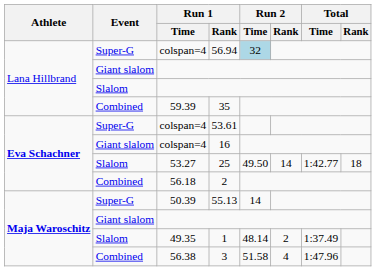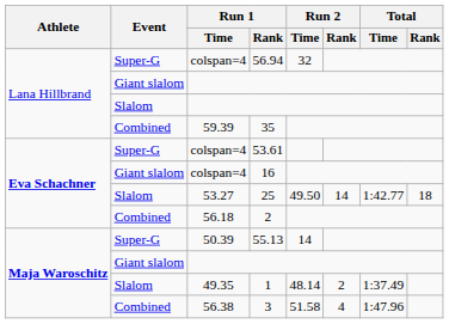 <table class="wikitable" style="font-size:90%">
 <tr>
 <th rowspan=2>Athlete</th>
 <th rowspan=2>Event</th>
 <th colspan=2>Run 1</th>
 <th colspan=2>Run 2</th>
 <th colspan=2>Total</th>
 </tr>
 <tr style="font-size:95%">
 <th>Time</th>
 <th>Rank</th>
 <th>Time</th>
 <th>Rank</th>
 <th>Time</th>
 <th>Rank</th>
 </tr>
 <tr align=center>
 <td align="left" rowspan="4"><a href='#'>Lana Hillbrand</a></td>
 <td align="left"><a href='#'>Super-G</a></td>
 <td>colspan=4</td>
 <td>56.94</td>
-<td style="background: lightblue;">32</td>
+<td>32</td>
 </tr>
 <tr align=center>
 <td align="left"><a href='#'>Giant slalom</a></td>
 <td colspan=6></td>
 </tr>
 <tr align=center>
 <td align="left"><a href='#'>Slalom</a></td>
 <td colspan=6></td>
 </tr>
 <tr align=center>
 <td align="left"><a href='#'>Combined</a></td>
 <td>59.39</td>
 <td>35</td>
 <td colspan=4></td>
 </tr>
 <tr align="center">
 <td align="left" rowspan="4"><strong><a href='#'>Eva Schachner</a></strong></td>
 <td align="left"><a href='#'>Super-G</a></td>
 <td>colspan=4</td>
 <td>53.61</td>
 <td></td>
 </tr>
 <tr align=center>
 <td align="left"><a href='#'>Giant slalom</a></td>
 <td>colspan=4</td>
 <td>16</td>
 <td colspan=4></td>
 </tr>
 <tr align=center>
 <td align="left"><a href='#'>Slalom</a></td>
 <td>53.27</td>
 <td>25</td>
 <td>49.50</td>
 <td>14</td>
 <td>1:42.77</td>
 <td>18</td>
 </tr>
 <tr align=center>
 <td align="left"><a href='#'>Combined</a></td>
 <td>56.18</td>
 <td>2</td>
 <td colspan=4></td>
 </tr>
 <tr align="center">
 <td align="left" rowspan="4"><strong><a href='#'>Maja Waroschitz</a></strong></td>
 <td align="left"><a href='#'>Super-G</a></td>
 <td>50.39</td>
 <td>55.13</td>
 <td>14</td>
 </tr>
 <tr align=center>
 <td align="left"><a href='#'>Giant slalom</a></td>
 <td colspan=6></td>
 </tr>
 <tr align=center>
 <td align="left"><a href='#'>Slalom</a></td>
 <td>49.35</td>
 <td>1</td>
 <td>48.14</td>
 <td>2</td>
 <td>1:37.49</td>
 <td></td>
 </tr>
 <tr align=center>
 <td align="left"><a href='#'>Combined</a></td>
 <td>56.38</td>
 <td>3</td>
 <td>51.58</td>
 <td>4</td>
 <td>1:47.96</td>
 <td></td>
 </tr>
 </table>
